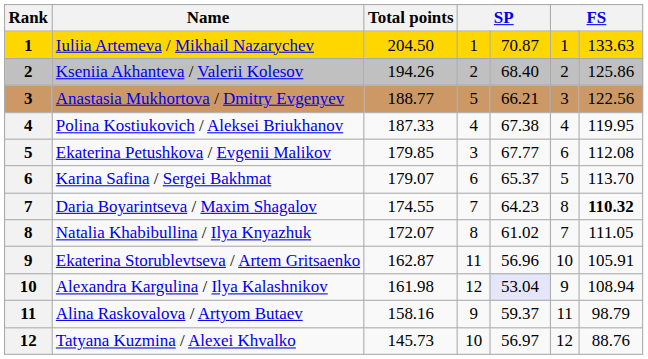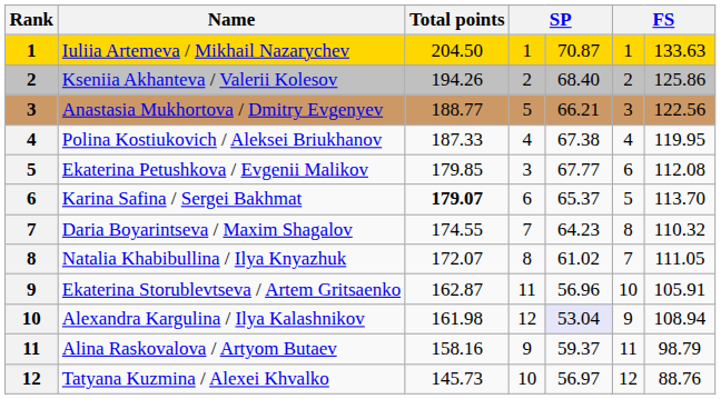 <table class="wikitable sortable">
 <tr>
 <th>Rank</th>
 <th>Name</th>
 <th>Total points</th>
 <th colspan="2" width="80px"><a href='#'>SP</a></th>
 <th colspan="2" width="80px"><a href='#'>FS</a></th>
 </tr>
 <tr bgcolor="gold">
 <td align="center"><strong>1</strong></td>
 <td><a href='#'>Iuliia Artemeva</a> / <a href='#'>Mikhail Nazarychev</a></td>
 <td align="center">204.50</td>
 <td align="center">1</td>
 <td align="center">70.87</td>
 <td align="center">1</td>
 <td align="center">133.63</td>
 </tr>
 <tr bgcolor="silver">
 <td align="center"><strong>2</strong></td>
 <td><a href='#'>Kseniia Akhanteva</a> / <a href='#'>Valerii Kolesov</a></td>
 <td align="center">194.26</td>
 <td align="center">2</td>
 <td align="center">68.40</td>
 <td align="center">2</td>
 <td align="center">125.86</td>
 </tr>
 <tr bgcolor="cc9966">
 <td align="center"><strong>3</strong></td>
 <td><a href='#'>Anastasia Mukhortova</a> / <a href='#'>Dmitry Evgenyev</a></td>
 <td align="center">188.77</td>
 <td align="center">5</td>
 <td align="center">66.21</td>
 <td align="center">3</td>
 <td align="center">122.56</td>
 </tr>
 <tr>
 <th>4</th>
 <td><a href='#'>Polina Kostiukovich</a> / <a href='#'>Aleksei Briukhanov</a></td>
 <td align="center">187.33</td>
 <td align="center">4</td>
 <td align="center">67.38</td>
 <td align="center">4</td>
 <td align="center">119.95</td>
 </tr>
 <tr>
 <th>5</th>
 <td><a href='#'>Ekaterina Petushkova</a> / <a href='#'>Evgenii Malikov</a></td>
 <td align="center">179.85</td>
 <td align="center">3</td>
 <td align="center">67.77</td>
 <td align="center">6</td>
 <td align="center">112.08</td>
 </tr>
 <tr>
 <th>6</th>
 <td><a href='#'>Karina Safina</a> / <a href='#'>Sergei Bakhmat</a></td>
-<td align="center">179.07</td>
+<td align="center"><strong>179.07</strong></td>
 <td align="center">6</td>
 <td align="center">65.37</td>
 <td align="center">5</td>
 <td align="center">113.70</td>
 </tr>
 <tr>
 <th>7</th>
 <td><a href='#'>Daria Boyarintseva</a> / <a href='#'>Maxim Shagalov</a></td>
 <td align="center">174.55</td>
 <td align="center">7</td>
 <td align="center">64.23</td>
 <td align="center">8</td>
-<td align="center"><strong>110.32</strong></td>
+<td align="center">110.32</td>
 </tr>
 <tr>
 <th>8</th>
 <td><a href='#'>Natalia Khabibullina</a> / <a href='#'>Ilya Knyazhuk</a></td>
 <td align="center">172.07</td>
 <td align="center">8</td>
 <td align="center">61.02</td>
 <td align="center">7</td>
 <td align="center">111.05</td>
 </tr>
 <tr>
 <th>9</th>
 <td><a href='#'>Ekaterina Storublevtseva</a> / <a href='#'>Artem Gritsaenko</a></td>
 <td align="center">162.87</td>
 <td align="center">11</td>
 <td align="center">56.96</td>
 <td align="center">10</td>
 <td align="center">105.91</td>
 </tr>
 <tr>
 <th>10</th>
 <td><a href='#'>Alexandra Kargulina</a> / <a href='#'>Ilya Kalashnikov</a></td>
 <td align="center">161.98</td>
 <td align="center">12</td>
 <td align="center" style="background: lavender;">53.04</td>
 <td align="center">9</td>
 <td align="center">108.94</td>
 </tr>
 <tr>
 <th>11</th>
 <td><a href='#'>Alina Raskovalova</a> / <a href='#'>Artyom Butaev</a></td>
 <td align="center">158.16</td>
 <td align="center">9</td>
 <td align="center">59.37</td>
 <td align="center">11</td>
 <td align="center">98.79</td>
 </tr>
 <tr>
 <th>12</th>
 <td><a href='#'>Tatyana Kuzmina</a> / <a href='#'>Alexei Khvalko</a></td>
 <td align="center">145.73</td>
 <td align="center">10</td>
 <td align="center">56.97</td>
 <td align="center">12</td>
 <td align="center">88.76</td>
 </tr>
 </table>
